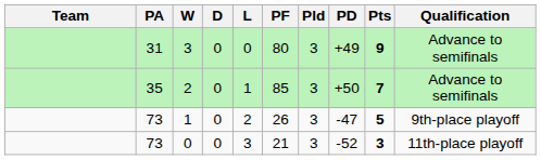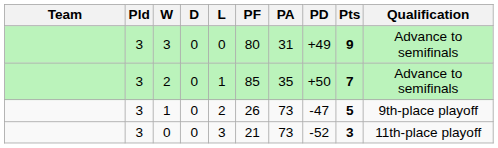 <table class="wikitable" style="text-align:center;">
 <tr>
 <th width=135>Team</th>
-<th width=32 abbr="Points against">PA</th>
+<th width=25 abbr="Played">Pld</th>
 <th width=25 abbr="Won">W</th>
 <th width=25 abbr="Drawn">D</th>
 <th width=25 abbr="Lost">L</th>
 <th width=32 abbr="Points for">PF</th>
-<th width=25 abbr="Played">Pld</th>
+<th width=32 abbr="Points against">PA</th>
 <th width=32 abbr="Points difference">PD</th>
 <th width=25 abbr="Points">Pts</th>
 <th width=145>Qualification</th>
 </tr>
 <tr style="background:#BBF3BB;">
 <td align=left></td>
-<td>31</td>
+<td>3</td>
 <td>3</td>
 <td>0</td>
 <td>0</td>
 <td>80</td>
-<td>3</td>
+<td>31</td>
 <td>+49</td>
 <td><strong>9</strong></td>
 <td>Advance to semifinals</td>
 </tr>
 <tr style="background:#BBF3BB;">
 <td align=left></td>
-<td>35</td>
+<td>3</td>
 <td>2</td>
 <td>0</td>
 <td>1</td>
 <td>85</td>
-<td>3</td>
+<td>35</td>
 <td>+50</td>
 <td><strong>7</strong></td>
 <td>Advance to semifinals</td>
 </tr>
 <tr>
 <td align=left></td>
-<td>73</td>
+<td>3</td>
 <td>1</td>
 <td>0</td>
 <td>2</td>
 <td>26</td>
-<td>3</td>
+<td>73</td>
 <td>-47</td>
 <td><strong>5</strong></td>
 <td>9th-place playoff</td>
 </tr>
 <tr>
 <td align=left></td>
-<td>73</td>
+<td>3</td>
 <td>0</td>
 <td>0</td>
 <td>3</td>
 <td>21</td>
-<td>3</td>
+<td>73</td>
 <td>-52</td>
 <td><strong>3</strong></td>
 <td>11th-place playoff</td>
 </tr>
 </table>
